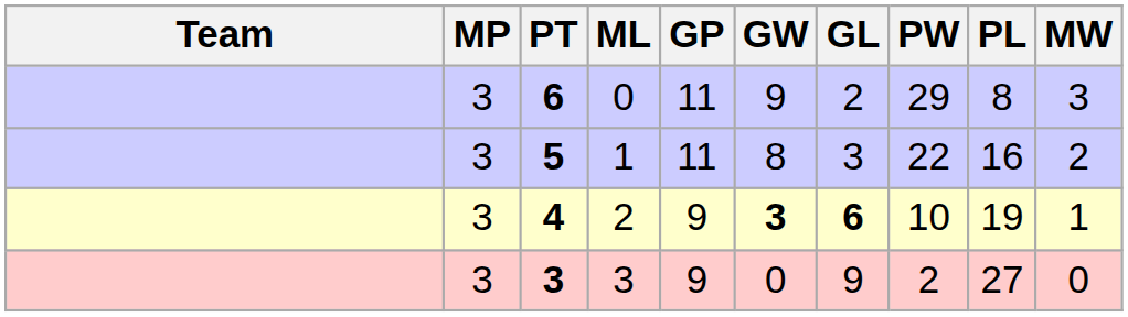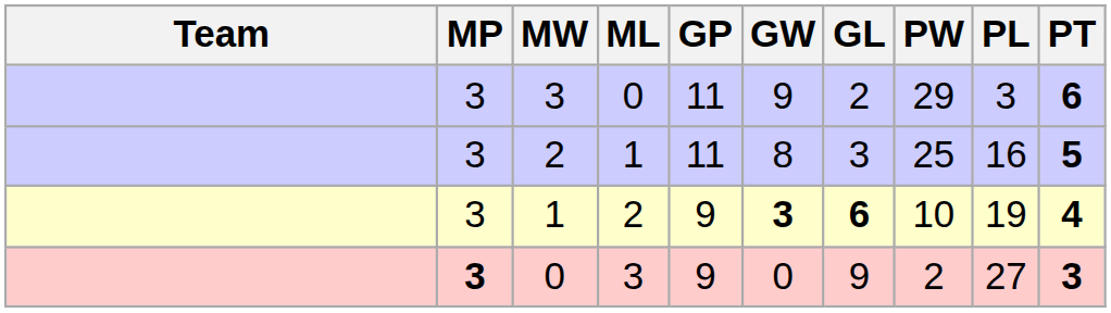 <table class=wikitable style="text-align:center">
 <tr>
 <th width=175>Team</th>
 <th width=20>MP</th>
-<th width=20>PT</th>
+<th width=20>MW</th>
 <th width=20>ML</th>
 <th width=20>GP</th>
 <th width=20>GW</th>
 <th width=20>GL</th>
 <th width=20>PW</th>
 <th width=20>PL</th>
-<th width=20>MW</th>
+<th width=20>PT</th>
 </tr>
 <tr style="background-color:#ccccff;">
 <td style="text-align:left;"></td>
 <td>3</td>
-<td><strong>6</strong></td>
+<td>3</td>
 <td>0</td>
 <td>11</td>
 <td>9</td>
 <td>2</td>
 <td>29</td>
-<td>8</td>
 <td>3</td>
+<td><strong>6</strong></td>
 </tr>
 <tr style="background-color:#ccccff;">
 <td style="text-align:left;"></td>
 <td>3</td>
-<td><strong>5</strong></td>
+<td>2</td>
 <td>1</td>
 <td>11</td>
 <td>8</td>
 <td>3</td>
-<td>22</td>
+<td>25</td>
 <td>16</td>
-<td>2</td>
+<td><strong>5</strong></td>
 </tr>
 <tr style="background-color:#ffffcc;">
 <td style="text-align:left;"></td>
 <td>3</td>
-<td><strong>4</strong></td>
+<td>1</td>
 <td>2</td>
 <td>9</td>
 <td><strong>3</strong></td>
 <td><strong>6</strong></td>
 <td>10</td>
 <td>19</td>
-<td>1</td>
+<td><strong>4</strong></td>
 </tr>
 <tr style="background-color:#ffcccc;">
 <td style="text-align:left;"></td>
-<td>3</td>
 <td><strong>3</strong></td>
+<td>0</td>
 <td>3</td>
 <td>9</td>
 <td>0</td>
 <td>9</td>
 <td>2</td>
 <td>27</td>
-<td>0</td>
+<td><strong>3</strong></td>
 </tr>
 </table>
